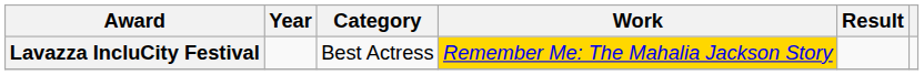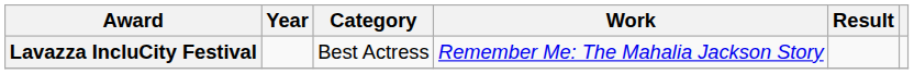 <table class="wikitable sortable plainrowheaders">
 <tr>
 <th scope="col">Award</th>
 <th scope="col">Year</th>
 <th scope="col">Category</th>
 <th scope="col">Work</th>
 <th scope="col">Result</th>
 <th scope="col" class="unsortable"></th>
 </tr>
 <tr>
 <th scope="row" rowspan="1">Lavazza IncluCity Festival</th>
 <td></td>
 <td>Best Actress</td>
-<td style="background: gold;"><em><a href='#'>Remember Me: The Mahalia Jackson Story</a></em></td>
+<td><em><a href='#'>Remember Me: The Mahalia Jackson Story</a></em></td>
 <td></td>
 <td></td>
 </tr>
 <tr>
 </tr>
 </table>
